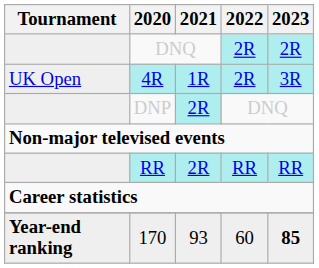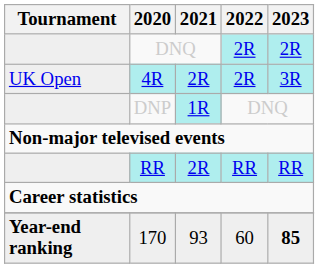 <table class="wikitable" style="width:30%; margin:0">
 <tr>
 <th>Tournament</th>
 <th>2020</th>
 <th>2021</th>
 <th>2022</th>
 <th>2023</th>
 </tr>
 <tr>
 <td style="background:#efefef;"></td>
 <td colspan="2" style="text-align:center; color:#ccc;">DNQ</td>
 <td style="text-align:center; background:#afeeee;"><a href='#'>2R</a></td>
 <td style="text-align:center; background:#afeeee;"><a href='#'>2R</a></td>
 </tr>
 <tr>
 <td style="background:#efefef;"><a href='#'>UK Open</a></td>
 <td style="text-align:center; background:#afeeee;"><a href='#'>4R</a></td>
-<td style="text-align:center; background:#afeeee;"><a href='#'>1R</a></td>
+<td style="text-align:center; background:#afeeee;"><a href='#'>2R</a></td>
 <td style="text-align:center; background:#afeeee;"><a href='#'>2R</a></td>
 <td style="text-align:center; background:#afeeee;"><a href='#'>3R</a></td>
 </tr>
 <tr>
 <td style="background:#efefef;"></td>
 <td style="text-align:center; color:#ccc;">DNP</td>
-<td style="text-align:center; background:#afeeee;"><a href='#'>2R</a></td>
+<td style="text-align:center; background:#afeeee;"><a href='#'>1R</a></td>
 <td colspan="2" style="text-align:center; color:#ccc;">DNQ</td>
 </tr>
 <tr>
 <td colspan="15" align="left"><strong>Non-major televised events</strong></td>
 </tr>
 <tr>
 <td style="background:#efefef;"></td>
 <td style="text-align:center; background:#afeeee;"><a href='#'>RR</a></td>
 <td style="text-align:center; background:#afeeee;"><a href='#'>2R</a></td>
 <td style="text-align:center; background:#afeeee;"><a href='#'>RR</a></td>
 <td style="text-align:center; background:#afeeee;"><a href='#'>RR</a></td>
 </tr>
 <tr>
 <td colspan="18" align="left"><strong>Career statistics</strong></td>
 </tr>
 <tr>
 </tr>
 <tr bgcolor="efefef">
 <td align="left"><strong>Year-end ranking</strong></td>
 <td style="text-align:center;">170</td>
 <td style="text-align:center;">93</td>
 <td style="text-align:center;">60</td>
 <td style="text-align:center;"><strong>85</strong></td>
 </tr>
 </table>
